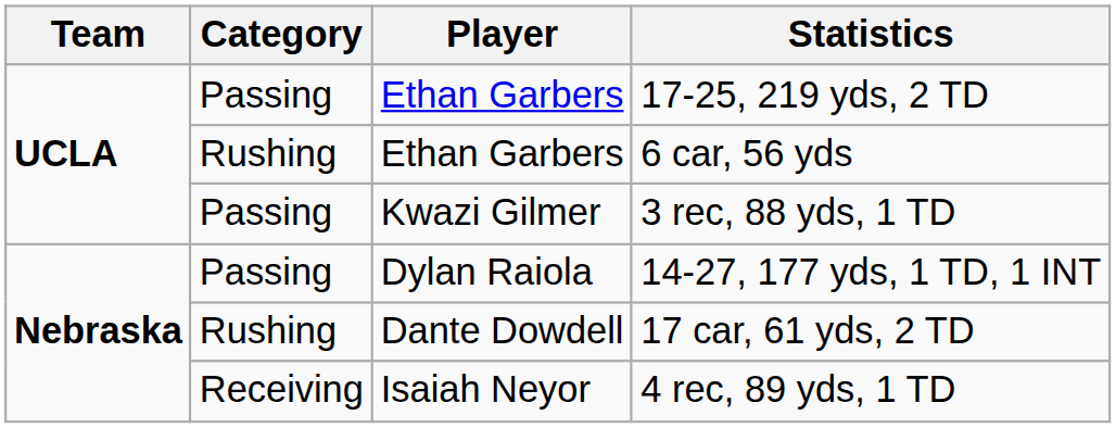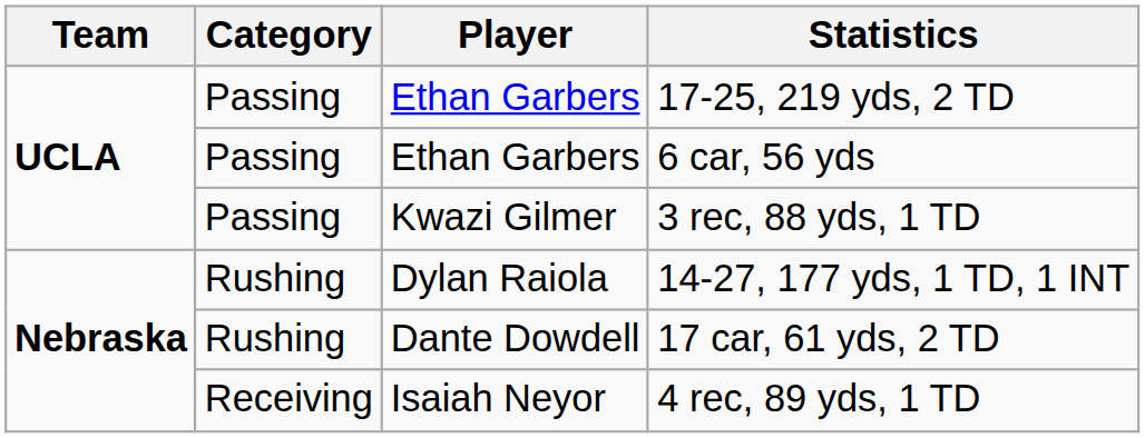 <table class="wikitable" style="float: right;">
 <tr>
 <th>Team</th>
 <th>Category</th>
 <th>Player</th>
 <th>Statistics</th>
 </tr>
 <tr>
 <td rowspan=3><strong>UCLA</strong></td>
 <td>Passing</td>
 <td><a href='#'>Ethan Garbers</a></td>
 <td>17-25, 219 yds, 2 TD</td>
 </tr>
 <tr>
-<td>Rushing</td>
+<td>Passing</td>
 <td>Ethan Garbers</td>
 <td>6 car, 56 yds</td>
 </tr>
 <tr>
 <td>Passing</td>
 <td>Kwazi Gilmer</td>
 <td>3 rec, 88 yds, 1 TD</td>
 </tr>
 <tr>
 <td rowspan=3><strong>Nebraska</strong></td>
-<td>Passing</td>
+<td>Rushing</td>
 <td>Dylan Raiola</td>
 <td>14-27, 177 yds, 1 TD, 1 INT</td>
 </tr>
 <tr>
 <td>Rushing</td>
 <td>Dante Dowdell</td>
 <td>17 car, 61 yds, 2 TD</td>
 </tr>
 <tr>
 <td>Receiving</td>
 <td>Isaiah Neyor</td>
 <td>4 rec, 89 yds, 1 TD</td>
 </tr>
 </table>
